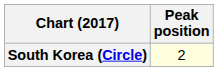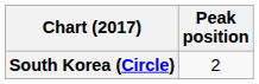 <table class="wikitable plainrowheaders" style="text-align:center">
 <tr>
 <th scope="col">Chart (2017)</th>
 <th scope="col">Peak<br>position</th>
 </tr>
 <tr>
 <th scope="row">South Korea (<a href='#'>Circle</a>)</th>
-<td style="background: lightyellow;">2</td>
+<td>2</td>
 </tr>
 </table>
